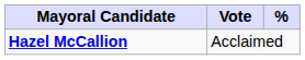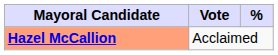 <table class="wikitable">
 <tr>
 <th style="background:#ddf; width:200px;">Mayoral Candidate</th>
 <th style="background:#ddf; width:50px;">Vote</th>
 <th style="background:#ddf; width:30px;">%</th>
 </tr>
 <tr>
-<td><strong><a href='#'>Hazel McCallion</a></strong></td>
+<td style="background: lightsalmon;"><strong><a href='#'>Hazel McCallion</a></strong></td>
 <td colspan="2">Acclaimed</td>
 </tr>
 </table>
